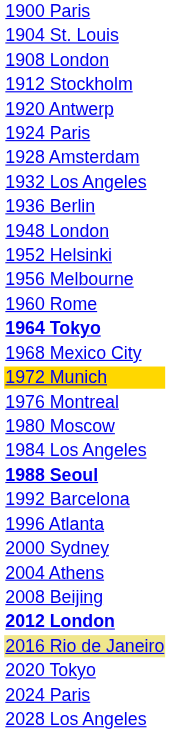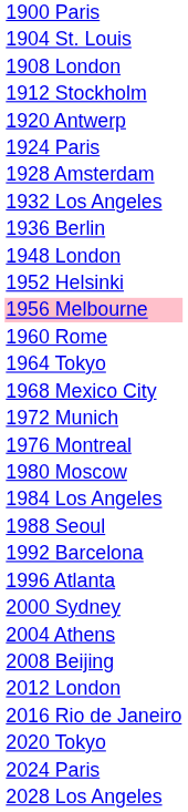 <table>
 <tr valign="top">
 <td><a href='#'>1900 Paris</a><br></td>
 <td></td>
 <td></td>
 <td></td>
 </tr>
 <tr valign="top">
 <td><a href='#'>1904 St. Louis</a><br></td>
 <td></td>
 <td></td>
 <td></td>
 </tr>
 <tr valign="top">
 <td rowspan="2"><a href='#'>1908 London</a><br></td>
 <td rowspan="2"></td>
 <td rowspan="2"></td>
 <td></td>
 </tr>
 <tr>
 <td></td>
 </tr>
 <tr valign="top">
 <td rowspan="2"><a href='#'>1912 Stockholm</a><br></td>
 <td rowspan="2"></td>
 <td rowspan="2"></td>
 <td></td>
 </tr>
 <tr>
 <td></td>
 </tr>
 <tr valign="top">
 <td><a href='#'>1920 Antwerp</a><br></td>
 <td></td>
 <td></td>
 <td></td>
 </tr>
 <tr valign="top">
 <td><a href='#'>1924 Paris</a><br></td>
 <td></td>
 <td></td>
 <td></td>
 </tr>
 <tr valign="top">
 <td><a href='#'>1928 Amsterdam</a><br></td>
 <td></td>
 <td></td>
 <td></td>
 </tr>
 <tr valign="top">
 <td><a href='#'>1932 Los Angeles</a><br></td>
 <td></td>
 <td></td>
 <td></td>
 </tr>
 <tr valign="top">
 <td><a href='#'>1936 Berlin</a><br></td>
 <td></td>
 <td></td>
 <td></td>
 </tr>
 <tr valign="top">
 <td><a href='#'>1948 London</a><br></td>
 <td></td>
 <td></td>
 <td></td>
 </tr>
 <tr valign="top">
 <td><a href='#'>1952 Helsinki</a><br></td>
 <td></td>
 <td></td>
 <td></td>
 </tr>
 <tr valign="top">
-<td><a href='#'>1956 Melbourne</a><br></td>
+<td style="background: pink;"><a href='#'>1956 Melbourne</a><br></td>
 <td></td>
 <td></td>
 <td></td>
 </tr>
 <tr valign="top">
 <td><a href='#'>1960 Rome</a><br></td>
 <td></td>
 <td></td>
 <td></td>
 </tr>
 <tr valign="top">
-<td><strong><a href='#'>1964 Tokyo</a><br></strong></td>
+<td><a href='#'>1964 Tokyo</a><br></td>
 <td></td>
 <td></td>
 <td></td>
 </tr>
 <tr valign="top">
 <td><a href='#'>1968 Mexico City</a><br></td>
 <td></td>
 <td></td>
 <td></td>
 </tr>
 <tr>
-<td style="background: gold;"><a href='#'>1972 Munich</a><br></td>
+<td><a href='#'>1972 Munich</a><br></td>
 <td></td>
 <td></td>
 <td></td>
 </tr>
 <tr>
 <td><a href='#'>1976 Montreal</a><br></td>
 <td></td>
 <td></td>
 <td></td>
 </tr>
 <tr>
 <td><a href='#'>1980 Moscow</a><br></td>
 <td></td>
 <td></td>
 <td></td>
 </tr>
 <tr>
 <td><a href='#'>1984 Los Angeles</a><br></td>
 <td></td>
 <td></td>
 <td></td>
 </tr>
 <tr>
-<td><strong><a href='#'>1988 Seoul</a><br></strong></td>
+<td><a href='#'>1988 Seoul</a><br></td>
 <td></td>
 <td></td>
 <td></td>
 </tr>
 <tr>
 <td><a href='#'>1992 Barcelona</a><br></td>
 <td></td>
 <td></td>
 <td></td>
 </tr>
 <tr>
 <td><a href='#'>1996 Atlanta</a><br></td>
 <td></td>
 <td></td>
 <td></td>
 </tr>
 <tr>
 <td><a href='#'>2000 Sydney</a><br></td>
 <td></td>
 <td></td>
 <td></td>
 </tr>
 <tr>
 <td><a href='#'>2004 Athens</a><br></td>
 <td></td>
 <td></td>
 <td></td>
 </tr>
 <tr>
 <td><a href='#'>2008 Beijing</a><br></td>
 <td></td>
 <td></td>
 <td></td>
 </tr>
 <tr>
-<td><strong><a href='#'>2012 London</a><br></strong></td>
+<td><a href='#'>2012 London</a><br></td>
 <td></td>
 <td></td>
 <td></td>
 </tr>
 <tr>
-<td style="background: khaki;"><a href='#'>2016 Rio de Janeiro</a><br></td>
+<td><a href='#'>2016 Rio de Janeiro</a><br></td>
 <td></td>
 <td></td>
 <td></td>
 </tr>
 <tr>
 <td><a href='#'>2020 Tokyo</a><br></td>
 <td></td>
 <td></td>
 <td></td>
 </tr>
 <tr>
 <td><a href='#'>2024 Paris</a><br></td>
 <td></td>
 <td></td>
 <td></td>
 </tr>
 <tr>
 <td><a href='#'>2028 Los Angeles</a> <br></td>
 <td></td>
 <td></td>
 <td></td>
 </tr>
 <tr>
 </tr>
 </table>
